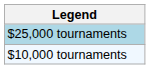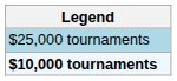 <table class="wikitable" style="font-size:85%; width:12%;">
 <tr>
 <th>Legend</th>
 </tr>
 <tr style="background:lightblue;">
 <td>$25,000 tournaments</td>
 </tr>
 <tr style="background:#f0f8ff;">
-<td>$10,000 tournaments</td>
+<td><strong>$10,000 tournaments</strong></td>
 </tr>
 </table>
